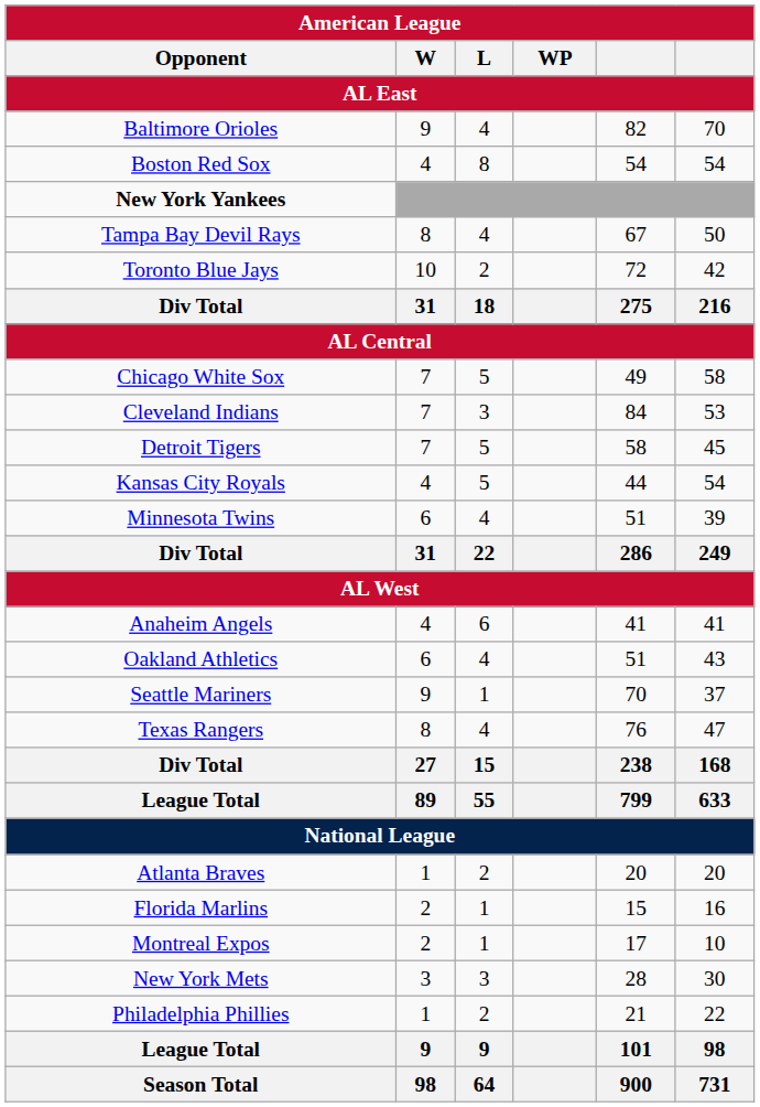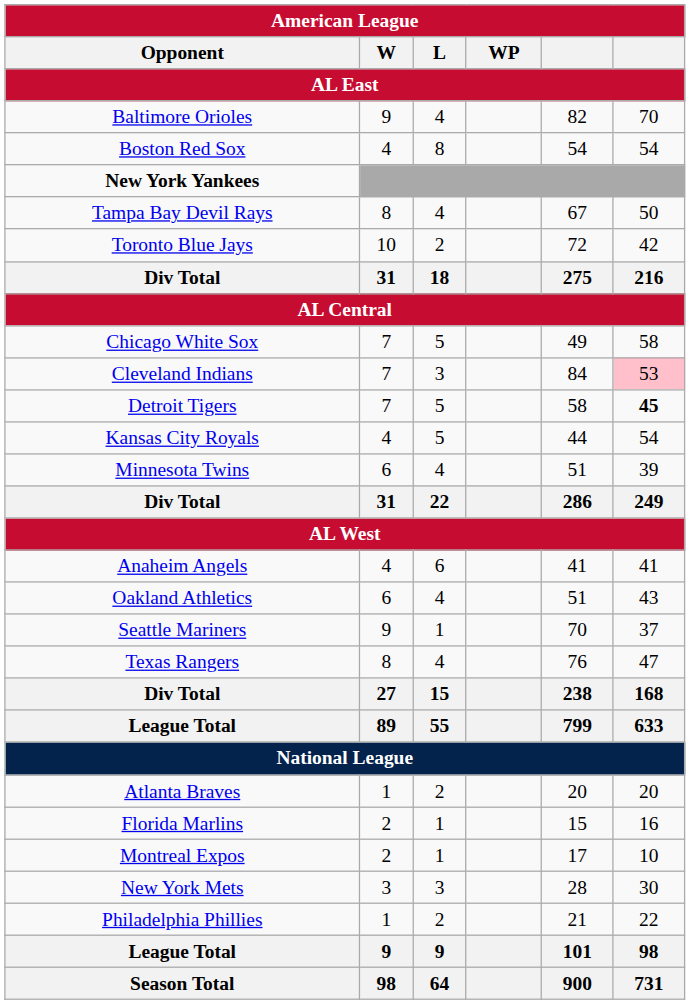 <table class="wikitable" style="margin:1em auto; font-size:95%; text-align:center; width:35em;">
 <tr>
 <th colspan="7" style="background:#c60c30; color:#fff;">American League</th>
 </tr>
 <tr>
 <th>Opponent</th>
 <th>W</th>
 <th>L</th>
 <th>WP</th>
 <th></th>
 <th></th>
 </tr>
 <tr>
 <th colspan="7" style="background:#c60c30; color:#fff;">AL East</th>
 </tr>
 <tr>
 <td><a href='#'>Baltimore Orioles</a></td>
 <td>9</td>
 <td>4</td>
 <td></td>
 <td>82</td>
 <td>70</td>
 </tr>
 <tr>
 <td><a href='#'>Boston Red Sox</a></td>
 <td>4</td>
 <td>8</td>
 <td></td>
 <td>54</td>
 <td>54</td>
 </tr>
 <tr>
 <td><strong>New York Yankees</strong></td>
 <td colspan="5" style="background:darkgrey;"></td>
 </tr>
 <tr>
 <td><a href='#'>Tampa Bay Devil Rays</a></td>
 <td>8</td>
 <td>4</td>
 <td></td>
 <td>67</td>
 <td>50</td>
 </tr>
 <tr>
 <td><a href='#'>Toronto Blue Jays</a></td>
 <td>10</td>
 <td>2</td>
 <td></td>
 <td>72</td>
 <td>42</td>
 </tr>
 <tr>
 <th>Div Total</th>
 <th>31</th>
 <th>18</th>
 <th></th>
 <th>275</th>
 <th>216</th>
 </tr>
 <tr>
 <th colspan="7" style="background:#c60c30; color:#fff;">AL Central</th>
 </tr>
 <tr>
 <td><a href='#'>Chicago White Sox</a></td>
 <td>7</td>
 <td>5</td>
 <td></td>
 <td>49</td>
 <td>58</td>
 </tr>
 <tr>
 <td><a href='#'>Cleveland Indians</a></td>
 <td>7</td>
 <td>3</td>
 <td></td>
 <td>84</td>
-<td>53</td>
+<td style="background: pink;">53</td>
 </tr>
 <tr>
 <td><a href='#'>Detroit Tigers</a></td>
 <td>7</td>
 <td>5</td>
 <td></td>
 <td>58</td>
-<td>45</td>
+<td><strong>45</strong></td>
 </tr>
 <tr>
 <td><a href='#'>Kansas City Royals</a></td>
 <td>4</td>
 <td>5</td>
 <td></td>
 <td>44</td>
 <td>54</td>
 </tr>
 <tr>
 <td><a href='#'>Minnesota Twins</a></td>
 <td>6</td>
 <td>4</td>
 <td></td>
 <td>51</td>
 <td>39</td>
 </tr>
 <tr>
 <th>Div Total</th>
 <th>31</th>
 <th>22</th>
 <th></th>
 <th>286</th>
 <th>249</th>
 </tr>
 <tr>
 <th colspan="7" style="background:#c60c30; color:#fff;">AL West</th>
 </tr>
 <tr>
 <td><a href='#'>Anaheim Angels</a></td>
 <td>4</td>
 <td>6</td>
 <td></td>
 <td>41</td>
 <td>41</td>
 </tr>
 <tr>
 <td><a href='#'>Oakland Athletics</a></td>
 <td>6</td>
 <td>4</td>
 <td></td>
 <td>51</td>
 <td>43</td>
 </tr>
 <tr>
 <td><a href='#'>Seattle Mariners</a></td>
 <td>9</td>
 <td>1</td>
 <td></td>
 <td>70</td>
 <td>37</td>
 </tr>
 <tr>
 <td><a href='#'>Texas Rangers</a></td>
 <td>8</td>
 <td>4</td>
 <td></td>
 <td>76</td>
 <td>47</td>
 </tr>
 <tr>
 <th>Div Total</th>
 <th>27</th>
 <th>15</th>
 <th></th>
 <th>238</th>
 <th>168</th>
 </tr>
 <tr>
 <th>League Total</th>
 <th>89</th>
 <th>55</th>
 <th></th>
 <th>799</th>
 <th>633</th>
 </tr>
 <tr>
 <th colspan="7" style="background:#03224c; color:#fff;">National League</th>
 </tr>
 <tr>
 <td><a href='#'>Atlanta Braves</a></td>
 <td>1</td>
 <td>2</td>
 <td></td>
 <td>20</td>
 <td>20</td>
 </tr>
 <tr>
 <td><a href='#'>Florida Marlins</a></td>
 <td>2</td>
 <td>1</td>
 <td></td>
 <td>15</td>
 <td>16</td>
 </tr>
 <tr>
 <td><a href='#'>Montreal Expos</a></td>
 <td>2</td>
 <td>1</td>
 <td></td>
 <td>17</td>
 <td>10</td>
 </tr>
 <tr>
 <td><a href='#'>New York Mets</a></td>
 <td>3</td>
 <td>3</td>
 <td></td>
 <td>28</td>
 <td>30</td>
 </tr>
 <tr>
 <td><a href='#'>Philadelphia Phillies</a></td>
 <td>1</td>
 <td>2</td>
 <td></td>
 <td>21</td>
 <td>22</td>
 </tr>
 <tr>
 <th>League Total</th>
 <th>9</th>
 <th>9</th>
 <th></th>
 <th>101</th>
 <th>98</th>
 </tr>
 <tr>
 <th>Season Total</th>
 <th>98</th>
 <th>64</th>
 <th></th>
 <th>900</th>
 <th>731</th>
 </tr>
 </table>
